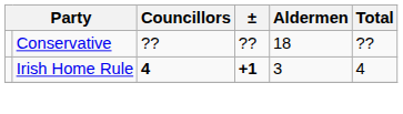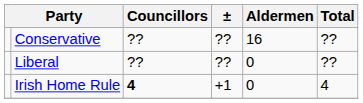 <table class="wikitable">
 <tr>
 <th colspan="2">Party</th>
 <th>Councillors</th>
 <th>  ±  </th>
 <th>Aldermen</th>
 <th>Total</th>
 </tr>
 <tr>
 <td style="background-color: "></td>
 <td><a href='#'>Conservative</a></td>
 <td>??</td>
 <td>??</td>
-<td>18</td>
+<td>16</td>
+<td>??</td>
+</tr>
+<tr>
+<td style="background-color: "></td>
+<td><a href='#'>Liberal</a></td>
+<td>??</td>
+<td>??</td>
+<td>0</td>
 <td>??</td>
 </tr>
 <tr>
 <td style="background-color: "></td>
 <td><a href='#'>Irish Home Rule</a></td>
 <td><strong>4</strong></td>
-<td><strong>+1</strong></td>
-<td>3</td>
+<td>+1</td>
+<td>0</td>
 <td>4</td>
 </tr>
 <tr>
 </tr>
 </table>
